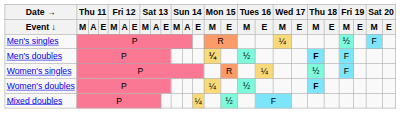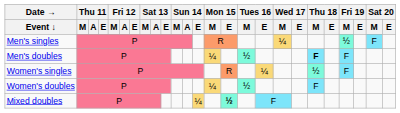 <table class="wikitable" style="margin:0.5em auto; font-size:90%; line-height:1.25em;">
 <tr style="text-align:center;">
 <th>Date →</th>
 <th colspan="3">Thu 11</th>
 <th colspan="3">Fri 12</th>
 <th colspan="3">Sat 13</th>
 <th colspan="3">Sun 14</th>
 <th colspan="2">Mon 15</th>
 <th colspan="2">Tues 16</th>
 <th colspan="2">Wed 17</th>
 <th colspan="2">Thu 18</th>
 <th colspan="2">Fri 19</th>
 <th colspan="2">Sat 20</th>
 </tr>
 <tr>
 <th>Event   ↓</th>
 <th>M</th>
 <th>A</th>
 <th>E</th>
 <th>M</th>
 <th>A</th>
 <th>E</th>
 <th>M</th>
 <th>A</th>
 <th>E</th>
 <th>M</th>
 <th>A</th>
 <th>E</th>
 <th>M</th>
 <th>E</th>
 <th>M</th>
 <th>E</th>
 <th>M</th>
 <th>E</th>
 <th>M</th>
 <th>E</th>
 <th>M</th>
 <th>E</th>
 <th>M</th>
 <th>E</th>
 </tr>
 <tr style="text-align:center;">
 <td style="text-align:left;"><a href='#'>Men's singles</a></td>
 <td colspan=11 style="background-color:#FA7894;">P</td>
 <td></td>
 <td colspan=2 style="background-color:#FC9B6A;">R</td>
 <td></td>
 <td></td>
 <td style="background-color:#FAD978;">¼</td>
 <td></td>
 <td></td>
 <td></td>
 <td style="background-color:#7DFADB;">½</td>
 <td></td>
 <td style="background-color:#7DE5FA;">F</td>
 <td></td>
 </tr>
 <tr style="text-align:center;">
 <td style="text-align:left;"><a href='#'>Men's doubles</a></td>
 <td colspan=9 style="background-color:#FA7894;">P</td>
 <td></td>
 <td></td>
 <td></td>
-<td style="background-color:#FAD978;"><strong>¼</strong></td>
+<td style="background-color:#FAD978;">¼</td>
 <td></td>
 <td style="background-color:#7DFADB;">½</td>
 <td></td>
 <td></td>
 <td></td>
 <td style="background-color:#7DE5FA;"><strong>F</strong></td>
 <td></td>
 <td style="background-color:#7DE5FA;">F</td>
 <td></td>
 <td></td>
 <td></td>
 </tr>
 <tr style="text-align:center;">
 <td style="text-align:left;"><a href='#'>Women's singles</a></td>
 <td colspan=12 style="background-color:#FA7894;">P</td>
 <td></td>
 <td style="background-color:#FC9B6A;">R</td>
 <td></td>
 <td style="background-color:#FAD978;">¼</td>
 <td></td>
 <td></td>
 <td style="background-color:#7DFADB;">½</td>
 <td></td>
 <td style="background-color:#7DE5FA;">F</td>
 <td></td>
 <td></td>
 <td></td>
 </tr>
 <tr style="text-align:center;">
 <td style="text-align:left;"><a href='#'>Women's doubles</a></td>
 <td colspan=9 style="background-color:#FA7894;">P</td>
 <td></td>
 <td></td>
 <td></td>
 <td style="background-color:#FAD978;">¼</td>
 <td></td>
 <td style="background-color:#7DFADB;">½</td>
 <td></td>
 <td></td>
 <td></td>
-<td style="background-color:#7DE5FA;"><strong>F</strong></td>
+<td style="background-color:#7DE5FA;">F</td>
 <td></td>
 <td></td>
 <td></td>
 <td></td>
 <td></td>
 </tr>
 <tr style="text-align:center;">
 <td style="text-align:left;"><a href='#'>Mixed doubles</a></td>
 <td colspan=8 style="background-color:#FA7894;">P</td>
 <td></td>
 <td></td>
 <td></td>
 <td style="background-color:#FAD978;">¼</td>
 <td></td>
-<td style="background-color:#7DFADB;">½</td>
+<td style="background-color:#7DFADB;"><strong>½</strong></td>
 <td></td>
 <td colspan=2 style="background-color:#7DE5FA;">F</td>
 <td></td>
 <td></td>
 <td></td>
 <td></td>
 <td></td>
 <td></td>
 <td></td>
 </tr>
 </table>
